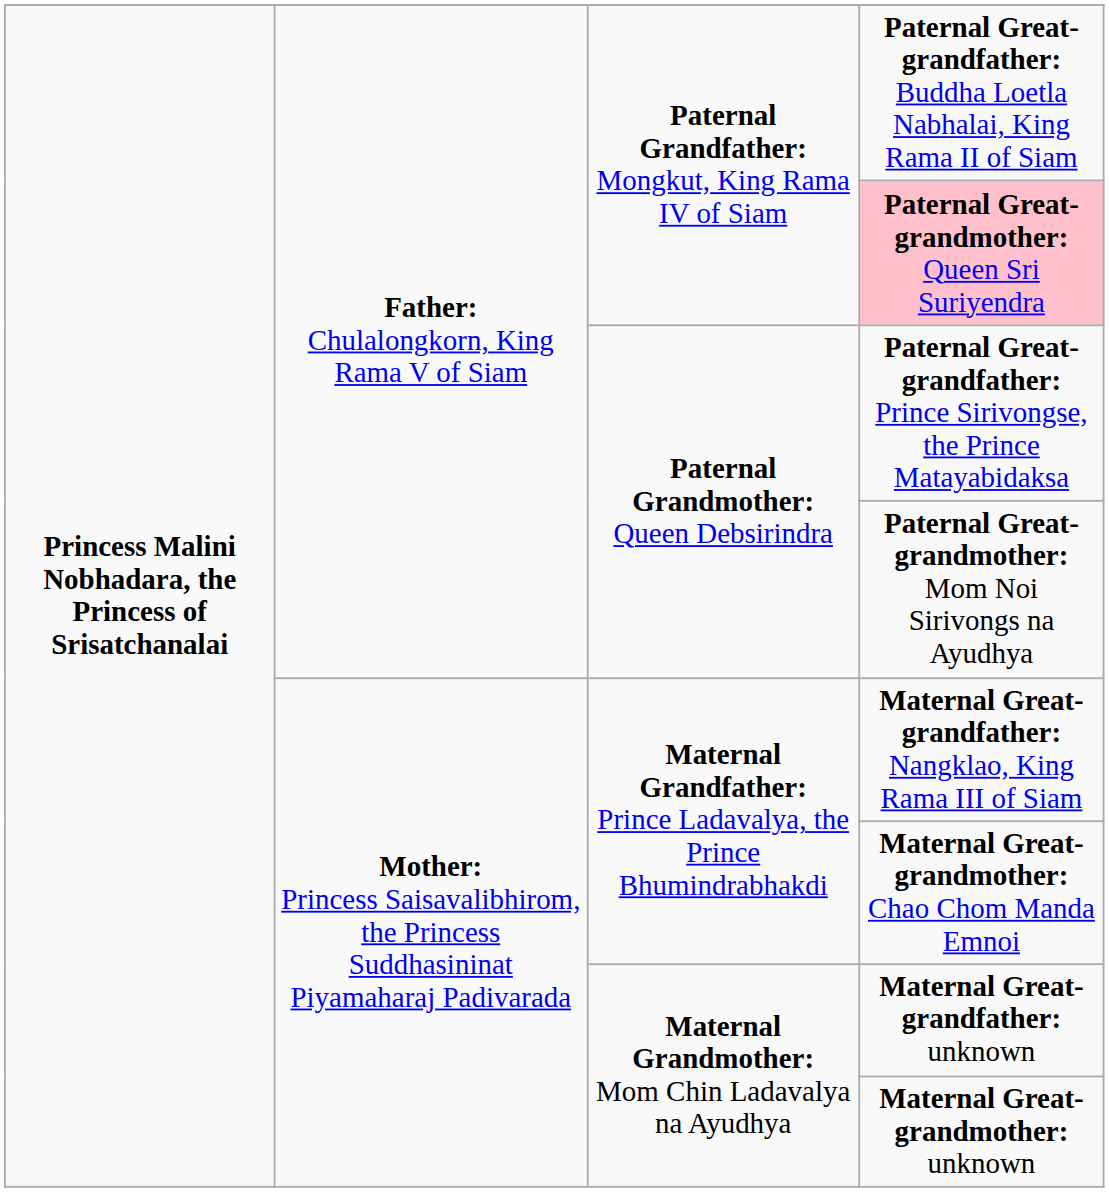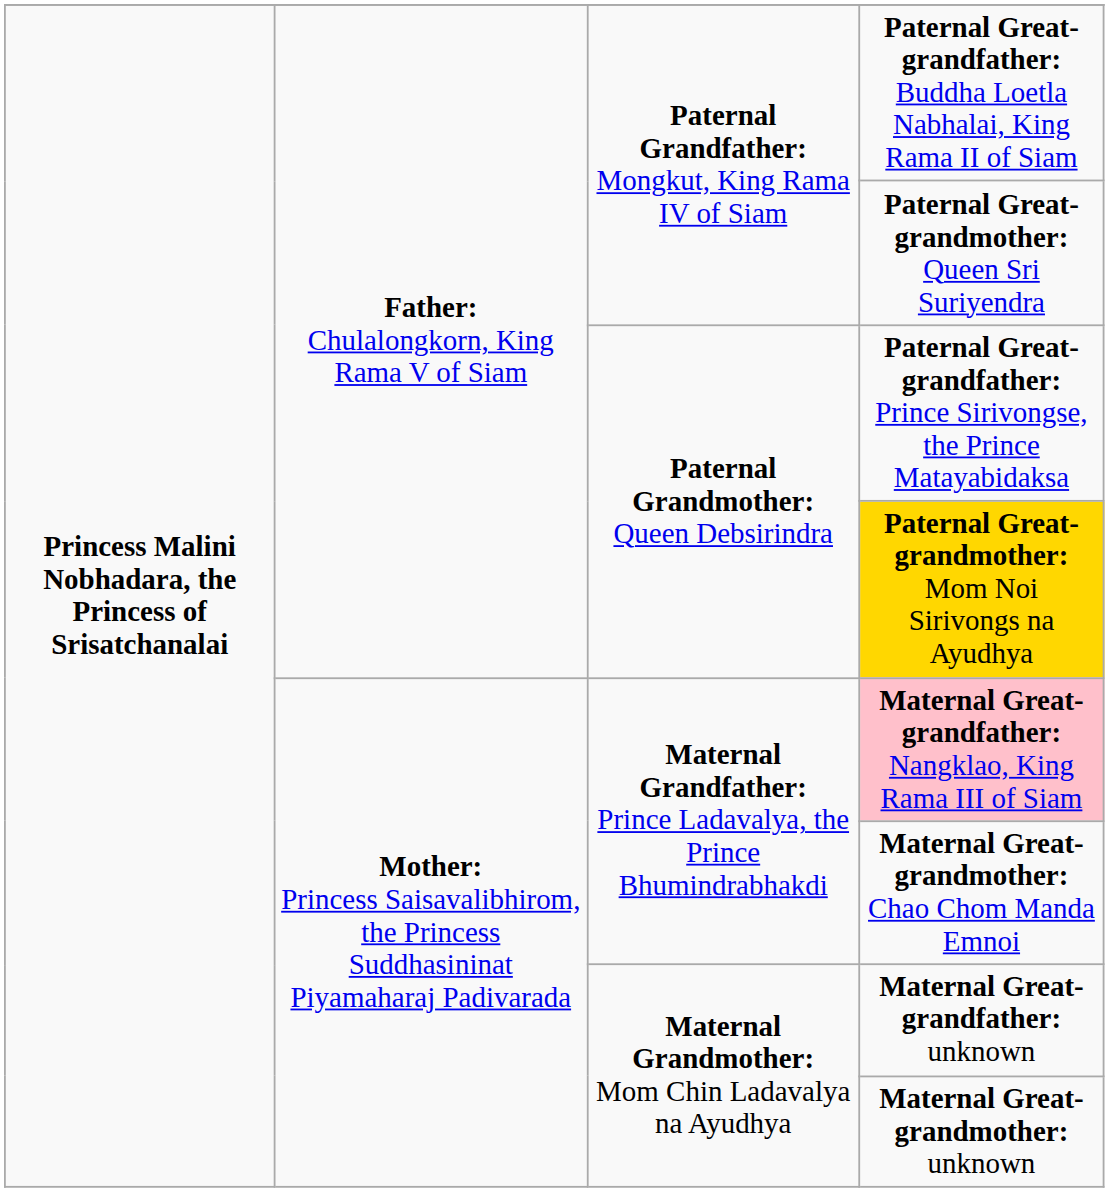 <table class="wikitable">
 <tr>
 </tr>
 <tr>
 <td rowspan="8" align="center"><strong>Princess Malini Nobhadara, the Princess of Srisatchanalai</strong></td>
 <td rowspan="4" align="center"><strong>Father:</strong><br><a href='#'>Chulalongkorn, King Rama V of Siam</a></td>
 <td rowspan="2" align="center"><strong>Paternal Grandfather:</strong><br><a href='#'>Mongkut, King Rama IV of Siam</a></td>
 <td align = "center"><strong>Paternal Great-grandfather:</strong><br><a href='#'>Buddha Loetla Nabhalai, King Rama II of Siam</a></td>
 </tr>
 <tr>
-<td align = "center" style="background: pink;"><strong>Paternal Great-grandmother:</strong><br><a href='#'>Queen Sri Suriyendra</a></td>
+<td align = "center"><strong>Paternal Great-grandmother:</strong><br><a href='#'>Queen Sri Suriyendra</a></td>
 </tr>
 <tr>
 <td rowspan="2" align="center"><strong>Paternal Grandmother:</strong><br><a href='#'>Queen Debsirindra</a></td>
 <td align = "center"><strong>Paternal Great-grandfather:</strong><br><a href='#'>Prince Sirivongse, the Prince Matayabidaksa</a></td>
 </tr>
 <tr>
-<td align = "center"><strong>Paternal Great-grandmother:</strong><br>Mom Noi Sirivongs na Ayudhya</td>
+<td align = "center" style="background: gold;"><strong>Paternal Great-grandmother:</strong><br>Mom Noi Sirivongs na Ayudhya</td>
 </tr>
 <tr>
 <td rowspan="4" align="center"><strong>Mother:</strong><br><a href='#'>Princess Saisavalibhirom, the Princess Suddhasininat Piyamaharaj Padivarada</a></td>
 <td rowspan="2" align="center"><strong>Maternal Grandfather:</strong><br><a href='#'>Prince Ladavalya, the Prince Bhumindrabhakdi</a></td>
-<td align = "center"><strong>Maternal Great-grandfather:</strong><br><a href='#'>Nangklao, King Rama III of Siam</a></td>
+<td align = "center" style="background: pink;"><strong>Maternal Great-grandfather:</strong><br><a href='#'>Nangklao, King Rama III of Siam</a></td>
 </tr>
 <tr>
 <td align = "center"><strong>Maternal Great-grandmother:</strong><br><a href='#'>Chao Chom Manda Emnoi</a></td>
 </tr>
 <tr>
 <td rowspan="2" align="center"><strong>Maternal Grandmother:</strong><br>Mom Chin Ladavalya na Ayudhya</td>
 <td align = "center"><strong>Maternal Great-grandfather:</strong><br>unknown</td>
 </tr>
 <tr>
 <td align = "center"><strong>Maternal Great-grandmother:</strong><br>unknown</td>
 </tr>
 </table>
